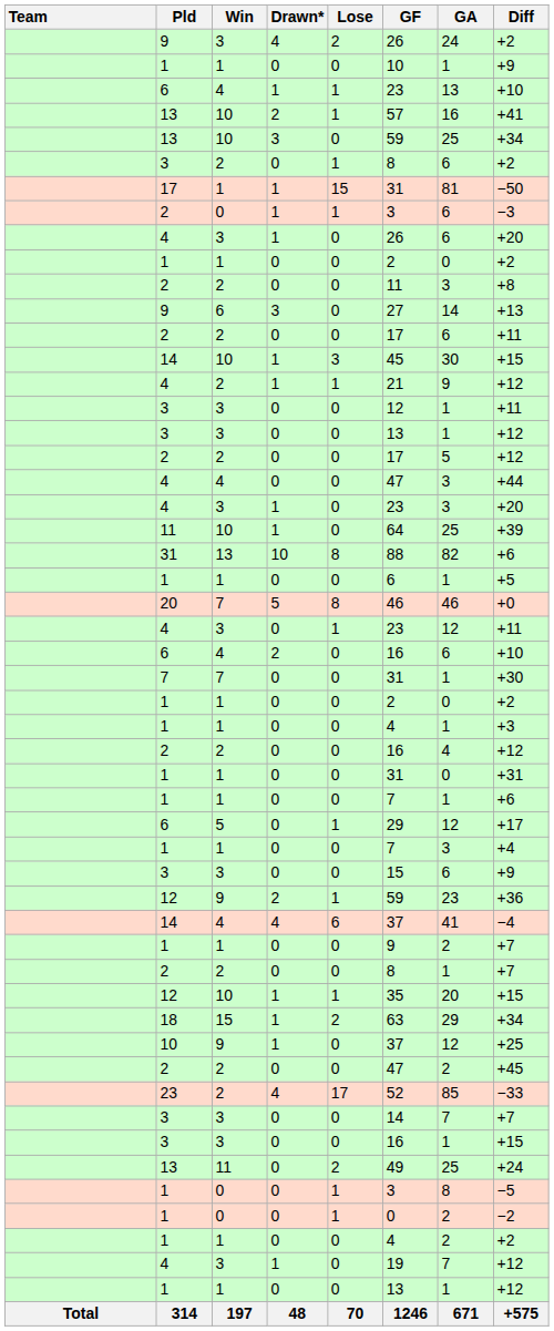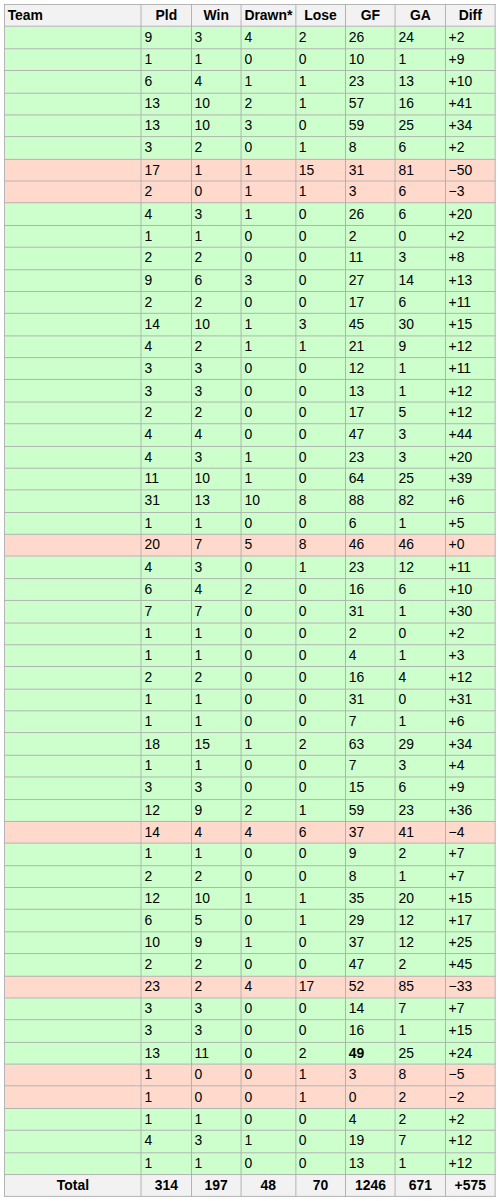 <table class="wikitable sortable collapsible ">
 <tr>
 <th style="width:150px; text-align:left;">Team</th>
 <th style="width:50px;">Pld</th>
 <th style="width:50px;">Win</th>
 <th style="width:50px;">Drawn*</th>
 <th style="width:50px;">Lose</th>
 <th style="width:50px;">GF</th>
 <th style="width:50px;">GA</th>
 <th style="width:50px;">Diff</th>
 </tr>
 <tr bgcolor="#CCFFCC">
 <td style="text-align:left;"></td>
 <td>9</td>
 <td>3</td>
 <td>4</td>
 <td>2</td>
 <td>26</td>
 <td>24</td>
 <td>+2</td>
 </tr>
 <tr bgcolor="#CCFFCC">
 <td style="text-align:left;"></td>
 <td>1</td>
 <td>1</td>
 <td>0</td>
 <td>0</td>
 <td>10</td>
 <td>1</td>
 <td>+9</td>
 </tr>
 <tr bgcolor="#CCFFCC">
 <td style="text-align:left;"></td>
 <td>6</td>
 <td>4</td>
 <td>1</td>
 <td>1</td>
 <td>23</td>
 <td>13</td>
 <td>+10</td>
 </tr>
 <tr bgcolor="#CCFFCC">
 <td style="text-align:left;"></td>
 <td>13</td>
 <td>10</td>
 <td>2</td>
 <td>1</td>
 <td>57</td>
 <td>16</td>
 <td>+41</td>
 </tr>
 <tr bgcolor="#CCFFCC">
 <td style="text-align:left;"></td>
 <td>13</td>
 <td>10</td>
 <td>3</td>
 <td>0</td>
 <td>59</td>
 <td>25</td>
 <td>+34</td>
 </tr>
 <tr bgcolor="#CCFFCC">
 <td style="text-align:left;"></td>
 <td>3</td>
 <td>2</td>
 <td>0</td>
 <td>1</td>
 <td>8</td>
 <td>6</td>
 <td>+2</td>
 </tr>
 <tr bgcolor="#FFDACC">
 <td style="text-align:left;"></td>
 <td>17</td>
 <td>1</td>
 <td>1</td>
 <td>15</td>
 <td>31</td>
 <td>81</td>
 <td>−50</td>
 </tr>
 <tr bgcolor="#FFDACC">
 <td style="text-align:left;"></td>
 <td>2</td>
 <td>0</td>
 <td>1</td>
 <td>1</td>
 <td>3</td>
 <td>6</td>
 <td>−3</td>
 </tr>
 <tr bgcolor="#CCFFCC">
 <td style="text-align:left;"></td>
 <td>4</td>
 <td>3</td>
 <td>1</td>
 <td>0</td>
 <td>26</td>
 <td>6</td>
 <td>+20</td>
 </tr>
 <tr bgcolor="#CCFFCC">
 <td style="text-align:left;"></td>
 <td>1</td>
 <td>1</td>
 <td>0</td>
 <td>0</td>
 <td>2</td>
 <td>0</td>
 <td>+2</td>
 </tr>
 <tr bgcolor="#CCFFCC">
 <td style="text-align:left;"></td>
 <td>2</td>
 <td>2</td>
 <td>0</td>
 <td>0</td>
 <td>11</td>
 <td>3</td>
 <td>+8</td>
 </tr>
 <tr bgcolor="#CCFFCC">
 <td style="text-align:left;"></td>
 <td>9</td>
 <td>6</td>
 <td>3</td>
 <td>0</td>
 <td>27</td>
 <td>14</td>
 <td>+13</td>
 </tr>
 <tr bgcolor="#CCFFCC">
 <td style="text-align:left;"></td>
 <td>2</td>
 <td>2</td>
 <td>0</td>
 <td>0</td>
 <td>17</td>
 <td>6</td>
 <td>+11</td>
 </tr>
 <tr bgcolor="#CCFFCC">
 <td style="text-align:left;"></td>
 <td>14</td>
 <td>10</td>
 <td>1</td>
 <td>3</td>
 <td>45</td>
 <td>30</td>
 <td>+15</td>
 </tr>
 <tr bgcolor="#CCFFCC">
 <td style="text-align:left;"></td>
 <td>4</td>
 <td>2</td>
 <td>1</td>
 <td>1</td>
 <td>21</td>
 <td>9</td>
 <td>+12</td>
 </tr>
 <tr bgcolor="#CCFFCC">
 <td style="text-align:left;"></td>
 <td>3</td>
 <td>3</td>
 <td>0</td>
 <td>0</td>
 <td>12</td>
 <td>1</td>
 <td>+11</td>
 </tr>
 <tr bgcolor="#CCFFCC">
 <td style="text-align:left;"></td>
 <td>3</td>
 <td>3</td>
 <td>0</td>
 <td>0</td>
 <td>13</td>
 <td>1</td>
 <td>+12</td>
 </tr>
 <tr bgcolor="#CCFFCC">
 <td style="text-align:left;"></td>
 <td>2</td>
 <td>2</td>
 <td>0</td>
 <td>0</td>
 <td>17</td>
 <td>5</td>
 <td>+12</td>
 </tr>
 <tr bgcolor="#CCFFCC">
 <td style="text-align:left;"></td>
 <td>4</td>
 <td>4</td>
 <td>0</td>
 <td>0</td>
 <td>47</td>
 <td>3</td>
 <td>+44</td>
 </tr>
 <tr bgcolor="#CCFFCC">
 <td style="text-align:left;"></td>
 <td>4</td>
 <td>3</td>
 <td>1</td>
 <td>0</td>
 <td>23</td>
 <td>3</td>
 <td>+20</td>
 </tr>
 <tr bgcolor="#CCFFCC">
 <td style="text-align:left;"></td>
 <td>11</td>
 <td>10</td>
 <td>1</td>
 <td>0</td>
 <td>64</td>
 <td>25</td>
 <td>+39</td>
 </tr>
 <tr bgcolor="#CCFFCC">
 <td style="text-align:left;"></td>
 <td>31</td>
 <td>13</td>
 <td>10</td>
 <td>8</td>
 <td>88</td>
 <td>82</td>
 <td>+6</td>
 </tr>
 <tr bgcolor="#CCFFCC">
 <td style="text-align:left;"></td>
 <td>1</td>
 <td>1</td>
 <td>0</td>
 <td>0</td>
 <td>6</td>
 <td>1</td>
 <td>+5</td>
 </tr>
 <tr bgcolor="#FFDACC">
 <td style="text-align:left;"></td>
 <td>20</td>
 <td>7</td>
 <td>5</td>
 <td>8</td>
 <td>46</td>
 <td>46</td>
 <td>+0</td>
 </tr>
 <tr bgcolor="#CCFFCC">
 <td style="text-align:left;"></td>
 <td>4</td>
 <td>3</td>
 <td>0</td>
 <td>1</td>
 <td>23</td>
 <td>12</td>
 <td>+11</td>
 </tr>
 <tr bgcolor="#CCFFCC">
 <td style="text-align:left;"></td>
 <td>6</td>
 <td>4</td>
 <td>2</td>
 <td>0</td>
 <td>16</td>
 <td>6</td>
 <td>+10</td>
 </tr>
 <tr bgcolor="#CCFFCC">
 <td style="text-align:left;"></td>
 <td>7</td>
 <td>7</td>
 <td>0</td>
 <td>0</td>
 <td>31</td>
 <td>1</td>
 <td>+30</td>
 </tr>
 <tr bgcolor="#CCFFCC">
 <td style="text-align:left;"></td>
 <td>1</td>
 <td>1</td>
 <td>0</td>
 <td>0</td>
 <td>2</td>
 <td>0</td>
 <td>+2</td>
 </tr>
 <tr bgcolor="#CCFFCC">
 <td style="text-align:left;"></td>
 <td>1</td>
 <td>1</td>
 <td>0</td>
 <td>0</td>
 <td>4</td>
 <td>1</td>
 <td>+3</td>
 </tr>
 <tr bgcolor="#CCFFCC">
 <td style="text-align:left;"></td>
 <td>2</td>
 <td>2</td>
 <td>0</td>
 <td>0</td>
 <td>16</td>
 <td>4</td>
 <td>+12</td>
 </tr>
 <tr bgcolor="#CCFFCC">
 <td style="text-align:left;"></td>
 <td>1</td>
 <td>1</td>
 <td>0</td>
 <td>0</td>
 <td>31</td>
 <td>0</td>
 <td>+31</td>
 </tr>
 <tr bgcolor="#CCFFCC">
 <td style="text-align:left;"></td>
 <td>1</td>
 <td>1</td>
 <td>0</td>
 <td>0</td>
 <td>7</td>
 <td>1</td>
 <td>+6</td>
 </tr>
 <tr bgcolor="#CCFFCC">
 <td style="text-align:left;"></td>
-<td>6</td>
-<td>5</td>
-<td>0</td>
+<td>18</td>
+<td>15</td>
 <td>1</td>
+<td>2</td>
+<td>63</td>
 <td>29</td>
-<td>12</td>
-<td>+17</td>
+<td>+34</td>
 </tr>
 <tr bgcolor="#CCFFCC">
 <td style="text-align:left;"></td>
 <td>1</td>
 <td>1</td>
 <td>0</td>
 <td>0</td>
 <td>7</td>
 <td>3</td>
 <td>+4</td>
 </tr>
 <tr bgcolor="#CCFFCC">
 <td style="text-align:left;"></td>
 <td>3</td>
 <td>3</td>
 <td>0</td>
 <td>0</td>
 <td>15</td>
 <td>6</td>
 <td>+9</td>
 </tr>
 <tr bgcolor="#CCFFCC">
 <td style="text-align:left;"></td>
 <td>12</td>
 <td>9</td>
 <td>2</td>
 <td>1</td>
 <td>59</td>
 <td>23</td>
 <td>+36</td>
 </tr>
 <tr bgcolor="#FFDACC">
 <td style="text-align:left;"></td>
 <td>14</td>
 <td>4</td>
 <td>4</td>
 <td>6</td>
 <td>37</td>
 <td>41</td>
 <td>−4</td>
 </tr>
 <tr bgcolor="#CCFFCC">
 <td style="text-align:left;"></td>
 <td>1</td>
 <td>1</td>
 <td>0</td>
 <td>0</td>
 <td>9</td>
 <td>2</td>
 <td>+7</td>
 </tr>
 <tr bgcolor="#CCFFCC">
 <td style="text-align:left;"></td>
 <td>2</td>
 <td>2</td>
 <td>0</td>
 <td>0</td>
 <td>8</td>
 <td>1</td>
 <td>+7</td>
 </tr>
 <tr bgcolor="#CCFFCC">
 <td style="text-align:left;"></td>
 <td>12</td>
 <td>10</td>
 <td>1</td>
 <td>1</td>
 <td>35</td>
 <td>20</td>
 <td>+15</td>
 </tr>
 <tr bgcolor="#CCFFCC">
 <td style="text-align:left;"></td>
-<td>18</td>
-<td>15</td>
+<td>6</td>
+<td>5</td>
+<td>0</td>
 <td>1</td>
-<td>2</td>
-<td>63</td>
 <td>29</td>
-<td>+34</td>
+<td>12</td>
+<td>+17</td>
 </tr>
 <tr bgcolor="#CCFFCC">
 <td style="text-align:left;"></td>
 <td>10</td>
 <td>9</td>
 <td>1</td>
 <td>0</td>
 <td>37</td>
 <td>12</td>
 <td>+25</td>
 </tr>
 <tr bgcolor="#CCFFCC">
 <td style="text-align:left;"></td>
 <td>2</td>
 <td>2</td>
 <td>0</td>
 <td>0</td>
 <td>47</td>
 <td>2</td>
 <td>+45</td>
 </tr>
 <tr bgcolor="#FFDACC">
 <td style="text-align:left;"></td>
 <td>23</td>
 <td>2</td>
 <td>4</td>
 <td>17</td>
 <td>52</td>
 <td>85</td>
 <td>−33</td>
 </tr>
 <tr bgcolor="#CCFFCC">
 <td style="text-align:left;"></td>
 <td>3</td>
 <td>3</td>
 <td>0</td>
 <td>0</td>
 <td>14</td>
 <td>7</td>
 <td>+7</td>
 </tr>
 <tr bgcolor="#CCFFCC">
 <td style="text-align:left;"></td>
 <td>3</td>
 <td>3</td>
 <td>0</td>
 <td>0</td>
 <td>16</td>
 <td>1</td>
 <td>+15</td>
 </tr>
 <tr bgcolor="#CCFFCC">
 <td style="text-align:left;"></td>
 <td>13</td>
 <td>11</td>
 <td>0</td>
 <td>2</td>
-<td>49</td>
+<td><strong>49</strong></td>
 <td>25</td>
 <td>+24</td>
 </tr>
 <tr bgcolor="#FFDACC">
 <td style="text-align:left;"></td>
 <td>1</td>
 <td>0</td>
 <td>0</td>
 <td>1</td>
 <td>3</td>
 <td>8</td>
 <td>−5</td>
 </tr>
 <tr bgcolor="#FFDACC">
 <td style="text-align:left;"></td>
 <td>1</td>
 <td>0</td>
 <td>0</td>
 <td>1</td>
 <td>0</td>
 <td>2</td>
 <td>−2</td>
 </tr>
 <tr bgcolor="#CCFFCC">
 <td style="text-align:left;"></td>
 <td>1</td>
 <td>1</td>
 <td>0</td>
 <td>0</td>
 <td>4</td>
 <td>2</td>
 <td>+2</td>
 </tr>
 <tr bgcolor="#CCFFCC">
 <td style="text-align:left;"></td>
 <td>4</td>
 <td>3</td>
 <td>1</td>
 <td>0</td>
 <td>19</td>
 <td>7</td>
 <td>+12</td>
 </tr>
 <tr bgcolor="#CCFFCC">
 <td style="text-align:left;"></td>
 <td>1</td>
 <td>1</td>
 <td>0</td>
 <td>0</td>
 <td>13</td>
 <td>1</td>
 <td>+12</td>
 </tr>
 <tr class="sortbottom">
 <th>Total</th>
 <th>314</th>
 <th>197</th>
 <th>48</th>
 <th>70</th>
 <th>1246</th>
 <th>671</th>
 <th>+575</th>
 </tr>
 </table>
